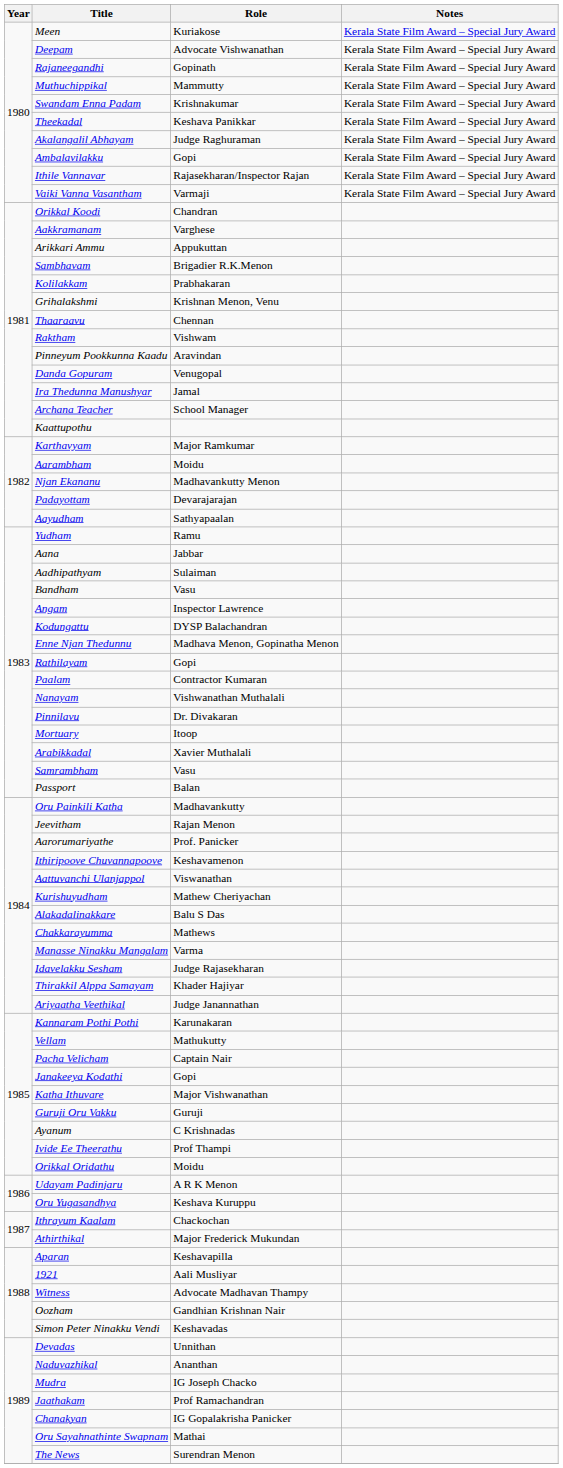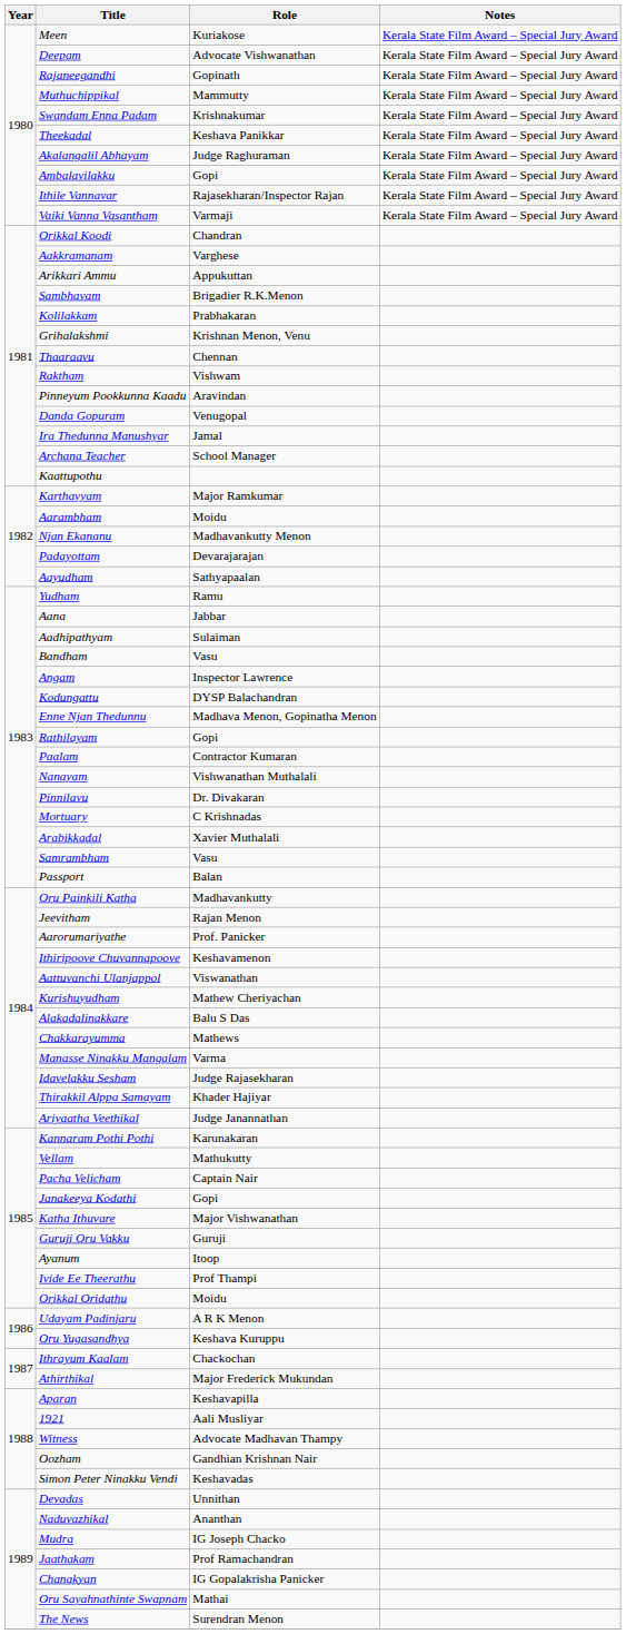 <table class="wikitable sortable">
 <tr>
 <th>Year</th>
 <th>Title</th>
 <th>Role</th>
 <th class="unsortable">Notes</th>
 </tr>
 <tr>
 <td rowspan=10>1980</td>
 <td><em>Meen</em></td>
 <td>Kuriakose</td>
 <td><a href='#'>Kerala State Film Award – Special Jury Award</a></td>
 </tr>
 <tr>
 <td><em><a href='#'>Deepam</a></em></td>
 <td>Advocate Vishwanathan</td>
 <td>Kerala State Film Award – Special Jury Award</td>
 </tr>
 <tr>
 <td><em><a href='#'>Rajaneegandhi</a></em></td>
 <td>Gopinath</td>
 <td>Kerala State Film Award – Special Jury Award</td>
 </tr>
 <tr>
 <td><em><a href='#'>Muthuchippikal</a></em></td>
 <td>Mammutty</td>
 <td>Kerala State Film Award – Special Jury Award</td>
 </tr>
 <tr>
 <td><em><a href='#'>Swandam Enna Padam</a></em></td>
 <td>Krishnakumar</td>
 <td>Kerala State Film Award – Special Jury Award</td>
 </tr>
 <tr>
 <td><em><a href='#'>Theekadal</a></em></td>
 <td>Keshava Panikkar</td>
 <td>Kerala State Film Award – Special Jury Award</td>
 </tr>
 <tr>
 <td><em><a href='#'>Akalangalil Abhayam</a></em></td>
 <td>Judge Raghuraman</td>
 <td>Kerala State Film Award – Special Jury Award</td>
 </tr>
 <tr>
 <td><em><a href='#'>Ambalavilakku</a></em></td>
 <td>Gopi</td>
 <td>Kerala State Film Award – Special Jury Award</td>
 </tr>
 <tr>
 <td><em><a href='#'>Ithile Vannavar</a></em></td>
 <td>Rajasekharan/Inspector Rajan</td>
 <td>Kerala State Film Award – Special Jury Award</td>
 </tr>
 <tr>
 <td><em><a href='#'>Vaiki Vanna Vasantham</a></em></td>
 <td>Varmaji</td>
 <td>Kerala State Film Award – Special Jury Award</td>
 </tr>
 <tr>
 <td rowspan=13>1981</td>
 <td><em><a href='#'>Orikkal Koodi</a></em></td>
 <td>Chandran</td>
 <td></td>
 </tr>
 <tr>
 <td><em><a href='#'>Aakkramanam</a></em></td>
 <td>Varghese</td>
 <td></td>
 </tr>
 <tr>
 <td><em>Arikkari Ammu</em></td>
 <td>Appukuttan</td>
 <td></td>
 </tr>
 <tr>
 <td><em><a href='#'>Sambhavam</a></em></td>
 <td>Brigadier R.K.Menon</td>
 <td></td>
 </tr>
 <tr>
 <td><em><a href='#'>Kolilakkam</a></em></td>
 <td>Prabhakaran</td>
 <td></td>
 </tr>
 <tr>
 <td><em>Grihalakshmi</em></td>
 <td>Krishnan Menon, Venu</td>
 <td></td>
 </tr>
 <tr>
 <td><em><a href='#'>Thaaraavu</a></em></td>
 <td>Chennan</td>
 <td></td>
 </tr>
 <tr>
 <td><em><a href='#'>Raktham</a></em></td>
 <td>Vishwam</td>
 <td></td>
 </tr>
 <tr>
 <td><em>Pinneyum Pookkunna Kaadu</em></td>
 <td>Aravindan</td>
 <td></td>
 </tr>
 <tr>
 <td><em><a href='#'>Danda Gopuram</a></em></td>
 <td>Venugopal</td>
 <td></td>
 </tr>
 <tr>
 <td><em><a href='#'>Ira Thedunna Manushyar</a></em></td>
 <td>Jamal</td>
 <td></td>
 </tr>
 <tr>
 <td><em><a href='#'>Archana Teacher</a></em></td>
 <td>School Manager</td>
 <td></td>
 </tr>
 <tr>
 <td><em>Kaattupothu</em></td>
 <td></td>
 <td></td>
 </tr>
 <tr>
 <td rowspan=5>1982</td>
 <td><em><a href='#'>Karthavyam</a></em></td>
 <td>Major Ramkumar</td>
 <td></td>
 </tr>
 <tr>
 <td><em><a href='#'>Aarambham</a></em></td>
 <td>Moidu</td>
 <td></td>
 </tr>
 <tr>
 <td><em><a href='#'>Njan Ekananu</a></em></td>
 <td>Madhavankutty Menon</td>
 <td></td>
 </tr>
 <tr>
 <td><em><a href='#'>Padayottam</a></em></td>
 <td>Devarajarajan</td>
 <td></td>
 </tr>
 <tr>
 <td><em><a href='#'>Aayudham</a></em></td>
 <td>Sathyapaalan</td>
 <td></td>
 </tr>
 <tr>
 <td rowspan=15>1983</td>
 <td><em><a href='#'>Yudham</a></em></td>
 <td>Ramu</td>
 <td></td>
 </tr>
 <tr>
 <td><em>Aana</em></td>
 <td>Jabbar</td>
 <td></td>
 </tr>
 <tr>
 <td><em>Aadhipathyam</em></td>
 <td>Sulaiman</td>
 <td></td>
 </tr>
 <tr>
 <td><em>Bandham</em></td>
 <td>Vasu</td>
 <td></td>
 </tr>
 <tr>
 <td><em><a href='#'>Angam</a></em></td>
 <td>Inspector Lawrence</td>
 <td></td>
 </tr>
 <tr>
 <td><em><a href='#'>Kodungattu</a></em></td>
 <td>DYSP Balachandran</td>
 <td></td>
 </tr>
 <tr>
 <td><em><a href='#'>Enne Njan Thedunnu</a></em></td>
 <td>Madhava Menon, Gopinatha Menon</td>
 <td></td>
 </tr>
 <tr>
 <td><em><a href='#'>Rathilayam</a></em></td>
 <td>Gopi</td>
 <td></td>
 </tr>
 <tr>
 <td><em><a href='#'>Paalam</a></em></td>
 <td>Contractor Kumaran</td>
 <td></td>
 </tr>
 <tr>
 <td><em><a href='#'>Nanayam</a></em></td>
 <td>Vishwanathan Muthalali</td>
 <td></td>
 </tr>
 <tr>
 <td><em><a href='#'>Pinnilavu</a></em></td>
 <td>Dr. Divakaran</td>
 <td></td>
 </tr>
 <tr>
 <td><em><a href='#'>Mortuary</a></em></td>
-<td>Itoop</td>
+<td>C Krishnadas</td>
 <td></td>
 </tr>
 <tr>
 <td><em><a href='#'>Arabikkadal</a></em></td>
 <td>Xavier Muthalali</td>
 <td></td>
 </tr>
 <tr>
 <td><em><a href='#'>Samrambham</a></em></td>
 <td>Vasu</td>
 <td></td>
 </tr>
 <tr>
 <td><em>Passport</em></td>
 <td>Balan</td>
 <td></td>
 </tr>
 <tr>
 <td rowspan=12>1984</td>
 <td><em><a href='#'>Oru Painkili Katha</a></em></td>
 <td>Madhavankutty</td>
 <td></td>
 </tr>
 <tr>
 <td><em>Jeevitham</em></td>
 <td>Rajan Menon</td>
 <td></td>
 </tr>
 <tr>
 <td><em>Aarorumariyathe</em></td>
 <td>Prof. Panicker</td>
 <td></td>
 </tr>
 <tr>
 <td><em><a href='#'>Ithiripoove Chuvannapoove</a></em></td>
 <td>Keshavamenon</td>
 <td></td>
 </tr>
 <tr>
 <td><em><a href='#'>Aattuvanchi Ulanjappol</a></em></td>
 <td>Viswanathan</td>
 <td></td>
 </tr>
 <tr>
 <td><em><a href='#'>Kurishuyudham</a></em></td>
 <td>Mathew Cheriyachan</td>
 <td></td>
 </tr>
 <tr>
 <td><em><a href='#'>Alakadalinakkare</a></em></td>
 <td>Balu S Das</td>
 <td></td>
 </tr>
 <tr>
 <td><em><a href='#'>Chakkarayumma</a></em></td>
 <td>Mathews</td>
 <td></td>
 </tr>
 <tr>
 <td><em><a href='#'>Manasse Ninakku Mangalam</a></em></td>
 <td>Varma</td>
 <td></td>
 </tr>
 <tr>
 <td><em><a href='#'>Idavelakku Sesham</a></em></td>
 <td>Judge Rajasekharan</td>
 <td></td>
 </tr>
 <tr>
 <td><em><a href='#'>Thirakkil Alppa Samayam</a></em></td>
 <td>Khader Hajiyar</td>
 <td></td>
 </tr>
 <tr>
 <td><em><a href='#'>Ariyaatha Veethikal</a></em></td>
 <td>Judge Janannathan</td>
 <td></td>
 </tr>
 <tr>
 <td rowspan=9>1985</td>
 <td><em><a href='#'>Kannaram Pothi Pothi</a></em></td>
 <td>Karunakaran</td>
 <td></td>
 </tr>
 <tr>
 <td><em><a href='#'>Vellam</a></em></td>
 <td>Mathukutty</td>
 <td></td>
 </tr>
 <tr>
 <td><em><a href='#'>Pacha Velicham</a></em></td>
 <td>Captain Nair</td>
 <td></td>
 </tr>
 <tr>
 <td><em><a href='#'>Janakeeya Kodathi</a></em></td>
 <td>Gopi</td>
 <td></td>
 </tr>
 <tr>
 <td><em><a href='#'>Katha Ithuvare</a></em></td>
 <td>Major Vishwanathan</td>
 <td></td>
 </tr>
 <tr>
 <td><em><a href='#'>Guruji Oru Vakku</a></em></td>
 <td>Guruji</td>
 <td></td>
 </tr>
 <tr>
 <td><em>Ayanum</em></td>
-<td>C Krishnadas</td>
+<td>Itoop</td>
 <td></td>
 </tr>
 <tr>
 <td><em><a href='#'>Ivide Ee Theerathu</a></em></td>
 <td>Prof Thampi</td>
 <td></td>
 </tr>
 <tr>
 <td><em><a href='#'>Orikkal Oridathu</a></em></td>
 <td>Moidu</td>
 <td></td>
 </tr>
 <tr>
 <td rowspan=2>1986</td>
 <td><em><a href='#'>Udayam Padinjaru</a></em></td>
 <td>A R K Menon</td>
 <td></td>
 </tr>
 <tr>
 <td><em><a href='#'>Oru Yugasandhya</a></em></td>
 <td>Keshava Kuruppu</td>
 <td></td>
 </tr>
 <tr>
 <td rowspan=2>1987</td>
 <td><em><a href='#'>Ithrayum Kaalam</a></em></td>
 <td>Chackochan</td>
 <td></td>
 </tr>
 <tr>
 <td><em><a href='#'>Athirthikal</a></em></td>
 <td>Major Frederick Mukundan</td>
 <td></td>
 </tr>
 <tr>
 <td rowspan=5>1988</td>
 <td><em><a href='#'>Aparan</a></em></td>
 <td>Keshavapilla</td>
 <td></td>
 </tr>
 <tr>
 <td><em><a href='#'>1921</a></em></td>
 <td>Aali Musliyar</td>
 <td></td>
 </tr>
 <tr>
 <td><em><a href='#'>Witness</a></em></td>
 <td>Advocate Madhavan Thampy</td>
 <td></td>
 </tr>
 <tr>
 <td><em>Oozham</em></td>
 <td>Gandhian Krishnan Nair</td>
 <td></td>
 </tr>
 <tr>
 <td><em>Simon Peter Ninakku Vendi</em></td>
 <td>Keshavadas</td>
 <td></td>
 </tr>
 <tr>
 <td rowspan=7>1989</td>
 <td><em><a href='#'>Devadas</a></em></td>
 <td>Unnithan</td>
 <td></td>
 </tr>
 <tr>
 <td><em><a href='#'>Naduvazhikal</a></em></td>
 <td>Ananthan</td>
 <td></td>
 </tr>
 <tr>
 <td><em><a href='#'>Mudra</a></em></td>
 <td>IG Joseph Chacko</td>
 <td></td>
 </tr>
 <tr>
 <td><em><a href='#'>Jaathakam</a></em></td>
 <td>Prof Ramachandran</td>
 <td></td>
 </tr>
 <tr>
 <td><em><a href='#'>Chanakyan</a></em></td>
 <td>IG Gopalakrisha Panicker</td>
 <td></td>
 </tr>
 <tr>
 <td><em><a href='#'>Oru Sayahnathinte Swapnam</a></em></td>
 <td>Mathai</td>
 <td></td>
 </tr>
 <tr>
 <td><em><a href='#'>The News</a></em></td>
 <td>Surendran Menon</td>
 <td></td>
 </tr>
 <tr>
 </tr>
 </table>
